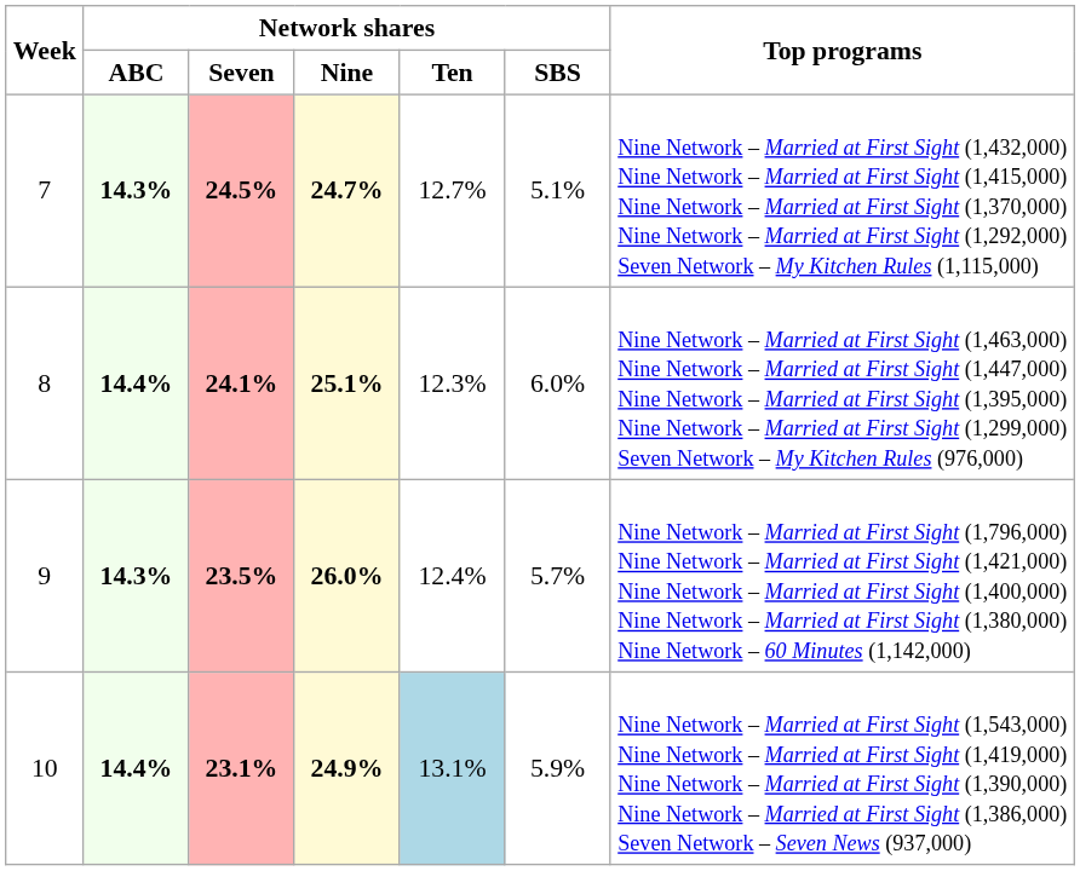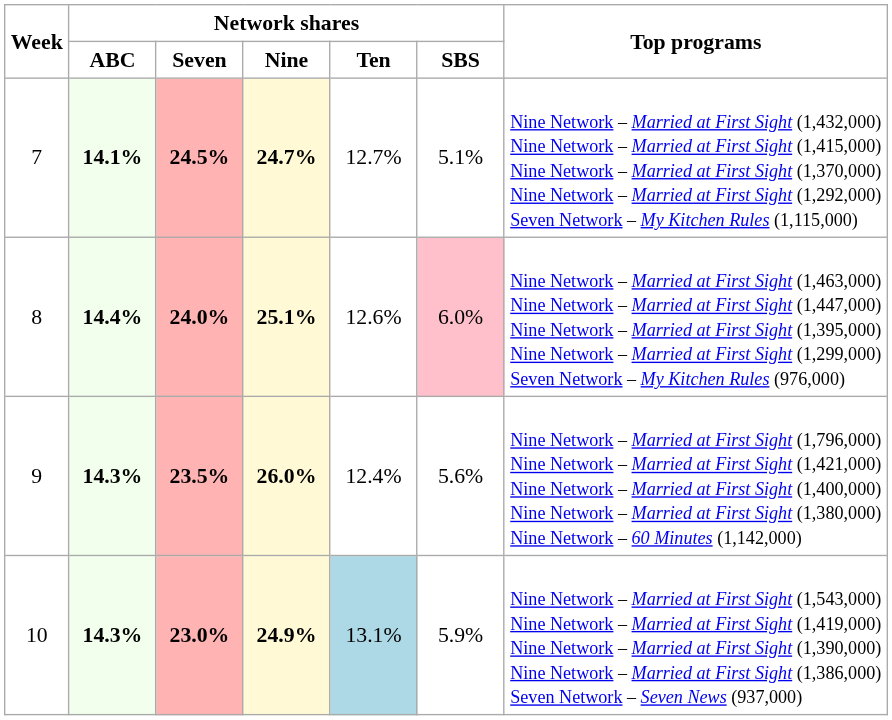 <table border="1" cellpadding="4" cellspacing="0" style="border:1px solid #aaa; border-collapse:collapse">
 <tr bgcolor="white" align="center">
 <th rowspan=2>Week</th>
 <th colspan=5>Network shares</th>
 <th rowspan=2>Top programs</th>
 </tr>
 <tr bgcolor="white" align="center">
 <td width=55><strong>ABC</strong></td>
 <td width=55><strong>Seven</strong></td>
 <td width=55><strong>Nine</strong></td>
 <td width=55><strong>Ten</strong></td>
 <td width=55><strong>SBS</strong></td>
 </tr>
 <tr align=center>
 <td>7</td>
-<th style="background-color: #F1FFEC">14.3%</th>
+<th style="background-color: #F1FFEC">14.1%</th>
 <th style="background-color: #FFB3B3;">24.5%</th>
 <th style="background-color: #FFFAD5"><strong>24.7%</strong></th>
 <td>12.7%</td>
 <td>5.1%</td>
 <td align=left><br><small><a href='#'>Nine Network</a> –   <em><a href='#'>Married at First Sight</a></em> (1,432,000)<br> <a href='#'>Nine Network</a> –   <em><a href='#'>Married at First Sight</a></em> (1,415,000)<br> <a href='#'>Nine Network</a> –   <em><a href='#'>Married at First Sight</a></em> (1,370,000)<br> <a href='#'>Nine Network</a> –   <em><a href='#'>Married at First Sight</a></em> (1,292,000)<br> <a href='#'>Seven Network</a> –  <em><a href='#'>My Kitchen Rules</a></em> (1,115,000)<br></small></td>
 </tr>
 <tr align=center>
 <td>8</td>
 <th style="background-color: #F1FFEC">14.4%</th>
-<th style="background-color: #FFB3B3">24.1%</th>
+<th style="background-color: #FFB3B3">24.0%</th>
 <th style="background-color: #FFFAD5">25.1%</th>
-<td>12.3%</td>
-<td>6.0%</td>
+<td>12.6%</td>
+<td style="background: pink;">6.0%</td>
 <td align=left><br><small><a href='#'>Nine Network</a> –   <em><a href='#'>Married at First Sight</a></em> (1,463,000)<br> <a href='#'>Nine Network</a> –   <em><a href='#'>Married at First Sight</a></em> (1,447,000)<br> <a href='#'>Nine Network</a> –   <em><a href='#'>Married at First Sight</a></em> (1,395,000)<br> <a href='#'>Nine Network</a> –   <em><a href='#'>Married at First Sight</a></em> (1,299,000)<br> <a href='#'>Seven Network</a> –   <em><a href='#'>My Kitchen Rules</a></em> (976,000)<br></small></td>
 </tr>
 <tr align=center>
 <td>9</td>
 <th style="background-color: #F1FFEC">14.3%</th>
 <th style="background-color: #FFB3B3">23.5%</th>
 <th style="background-color: #FFFAD5">26.0%</th>
 <td>12.4%</td>
-<td>5.7%</td>
+<td>5.6%</td>
 <td align=left><br><small><a href='#'>Nine Network</a> –   <em><a href='#'>Married at First Sight</a></em> (1,796,000)<br> <a href='#'>Nine Network</a> –   <em><a href='#'>Married at First Sight</a></em> (1,421,000)<br> <a href='#'>Nine Network</a> –   <em><a href='#'>Married at First Sight</a></em> (1,400,000)<br> <a href='#'>Nine Network</a> –   <em><a href='#'>Married at First Sight</a></em> (1,380,000)<br> <a href='#'>Nine Network</a> –   <em><a href='#'>60 Minutes</a></em> (1,142,000)<br></small></td>
 </tr>
 <tr align=center>
 <td>10</td>
-<th style="background-color: #F1FFEC">14.4%</th>
-<th style="background-color: #FFB3B3">23.1%</th>
+<th style="background-color: #F1FFEC">14.3%</th>
+<th style="background-color: #FFB3B3">23.0%</th>
 <th style="background-color: #FFFAD5">24.9%</th>
 <td style="background: lightblue;">13.1%</td>
 <td>5.9%</td>
 <td align=left><br><small><a href='#'>Nine Network</a> –   <em><a href='#'>Married at First Sight</a></em> (1,543,000)<br> <a href='#'>Nine Network</a> –   <em><a href='#'>Married at First Sight</a></em> (1,419,000)<br> <a href='#'>Nine Network</a> –   <em><a href='#'>Married at First Sight</a></em> (1,390,000)<br> <a href='#'>Nine Network</a> –   <em><a href='#'>Married at First Sight</a></em> (1,386,000)<br> <a href='#'>Seven Network</a> –   <em><a href='#'>Seven News</a></em> (937,000)<br></small></td>
 </tr>
 </table>
